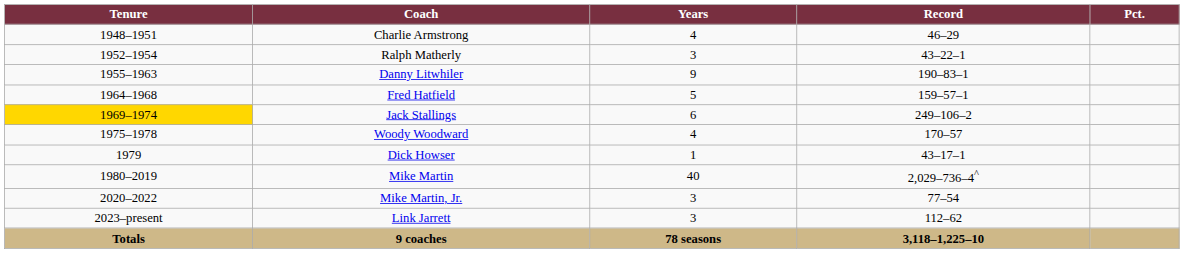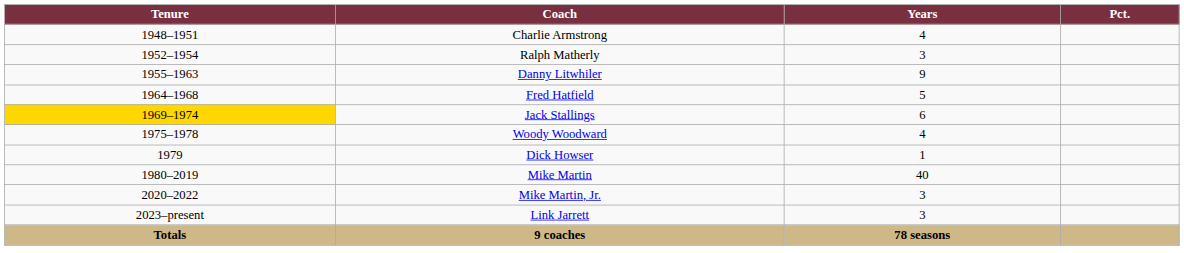 <table cellpadding="1" style="width:75%;" class="wikitable">
 <tr>
 <th style="background:#782F40; color:white;">Tenure</th>
 <th style="background:#782F40; color:white;">Coach</th>
 <th style="background:#782F40; color:white;">Years</th>
-<th style="background:#782F40; color:white;">Record</th>
 <th style="background:#782F40; color:white;">Pct.</th>
 </tr>
 <tr style="text-align:center;">
 <td>1948–1951</td>
 <td>Charlie Armstrong</td>
 <td>4</td>
-<td>46–29</td>
 <td></td>
 </tr>
 <tr style="text-align:center;">
 <td>1952–1954</td>
 <td>Ralph Matherly</td>
 <td>3</td>
-<td>43–22–1</td>
 <td></td>
 </tr>
 <tr style="text-align:center;">
 <td>1955–1963</td>
 <td><a href='#'>Danny Litwhiler</a></td>
 <td>9</td>
-<td>190–83–1</td>
 <td></td>
 </tr>
 <tr style="text-align:center;">
 <td>1964–1968</td>
 <td><a href='#'>Fred Hatfield</a></td>
 <td>5</td>
-<td>159–57–1</td>
 <td></td>
 </tr>
 <tr style="text-align:center;">
 <td style="background: gold;">1969–1974</td>
 <td><a href='#'>Jack Stallings</a></td>
 <td>6</td>
-<td>249–106–2</td>
 <td></td>
 </tr>
 <tr style="text-align:center;">
 <td>1975–1978</td>
 <td><a href='#'>Woody Woodward</a></td>
 <td>4</td>
-<td>170–57</td>
 <td></td>
 </tr>
 <tr style="text-align:center;">
 <td>1979</td>
 <td><a href='#'>Dick Howser</a></td>
 <td>1</td>
-<td>43–17–1</td>
 <td></td>
 </tr>
 <tr style="text-align:center;">
 <td>1980–2019</td>
 <td><a href='#'>Mike Martin</a></td>
 <td>40</td>
-<td>2,029–736–4<sup>^</sup></td>
 <td></td>
 </tr>
 <tr style="text-align:center;">
 <td>2020–2022</td>
 <td><a href='#'>Mike Martin, Jr.</a></td>
 <td>3</td>
-<td>77–54</td>
 <td></td>
 </tr>
 <tr style="text-align:center;">
 <td>2023–present</td>
 <td><a href='#'>Link Jarrett</a></td>
 <td>3</td>
-<td>112–62</td>
 <td></td>
 </tr>
 <tr style="text-align:center;" class="sort-bottom">
 <th style="background:#CEB888; color:black;">Totals</th>
 <th style="background:#CEB888; color:black;">9 coaches</th>
 <th style="background:#CEB888; color:black;">78 seasons</th>
-<th style="background:#CEB888; color:black;">3,118–1,225–10</th>
 <th style="background:#CEB888; color:black;"></th>
 </tr>
 </table>
